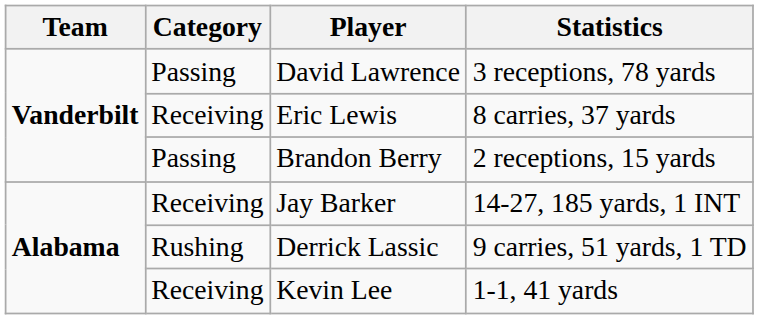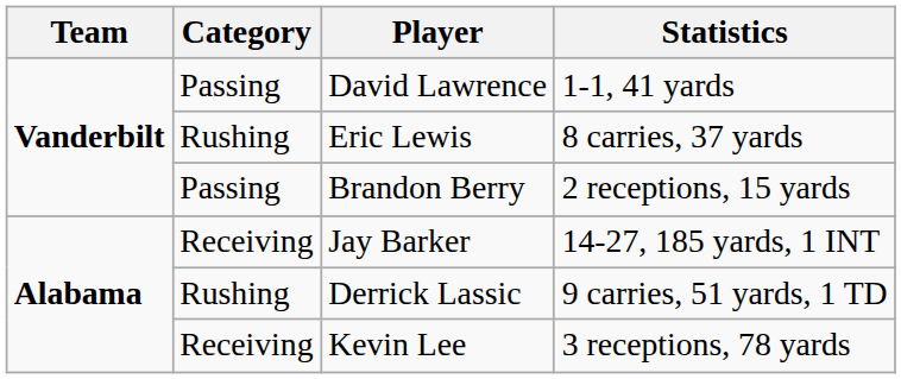 <table class="wikitable" style="float: right;">
 <tr>
 <th>Team</th>
 <th>Category</th>
 <th>Player</th>
 <th>Statistics</th>
 </tr>
 <tr>
 <td rowspan=3><strong>Vanderbilt</strong></td>
 <td>Passing</td>
 <td>David Lawrence</td>
-<td>3 receptions, 78 yards</td>
+<td>1-1, 41 yards</td>
 </tr>
 <tr>
-<td>Receiving</td>
+<td>Rushing</td>
 <td>Eric Lewis</td>
 <td>8 carries, 37 yards</td>
 </tr>
 <tr>
 <td>Passing</td>
 <td>Brandon Berry</td>
 <td>2 receptions, 15 yards</td>
 </tr>
 <tr>
 <td rowspan=3><strong>Alabama</strong></td>
 <td>Receiving</td>
 <td>Jay Barker</td>
 <td>14-27, 185 yards, 1 INT</td>
 </tr>
 <tr>
 <td>Rushing</td>
 <td>Derrick Lassic</td>
 <td>9 carries, 51 yards, 1 TD</td>
 </tr>
 <tr>
 <td>Receiving</td>
 <td>Kevin Lee</td>
-<td>1-1, 41 yards</td>
+<td>3 receptions, 78 yards</td>
 </tr>
 </table>
